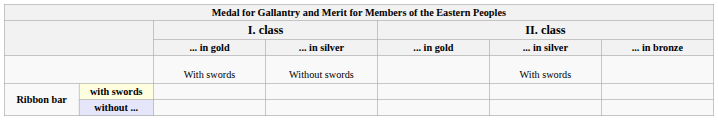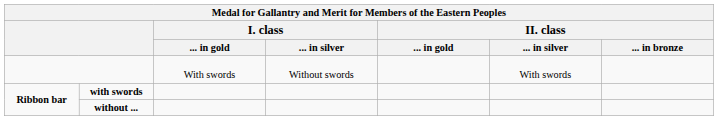 <table align=center class=wikitable width=70%>
 <tr>
 <th colspan=8>Medal for Gallantry and Merit for Members of the Eastern Peoples</th>
 </tr>
 <tr align=center>
 <th colspan=2 rowspan=2></th>
 <th colspan=2><big>I. class</big></th>
 <th colspan=3><big>II. class</big></th>
 </tr>
 <tr align=center>
 <th width=15% valign=center>... in gold</th>
 <th width=15% valign=center>... in silver</th>
 <th width=15% valign=center>... in gold</th>
 <th width=15% valign=center>... in silver</th>
 <th width=15% valign=center>... in bronze</th>
 </tr>
 <tr align=center>
 <td colspan=2 width=25% valign=center></td>
 <td><br>With swords</td>
 <td><br>Without swords</td>
 <td></td>
 <td><br>With swords</td>
 <td></td>
 </tr>
 <tr align=center>
 <td rowspan=2 width=10%><strong>Ribbon bar</strong></td>
-<td width=10% valign=center style="background: lightyellow;"><strong>with swords</strong></td>
+<td width=10% valign=center><strong>with swords</strong></td>
 <td width=15% valign=center></td>
 <td width=15% valign=center></td>
 <td width=15% valign=center></td>
 <td width=15% valign=center></td>
 <td width=15% valign=center></td>
 </tr>
 <tr align=center>
-<td width=10% valign=center style="background: lavender;"><strong>without ...</strong></td>
+<td width=10% valign=center><strong>without ...</strong></td>
 <td width=15% valign=center></td>
 <td width=15% valign=center></td>
 <td width=15% valign=center></td>
 <td width=15% valign=center></td>
 <td width=15% valign=center></td>
 </tr>
 </table>
